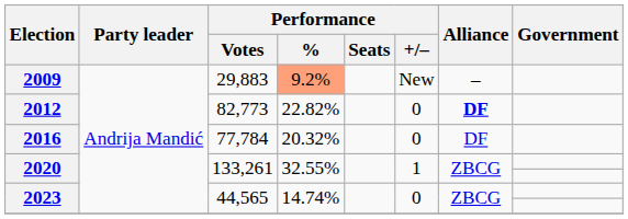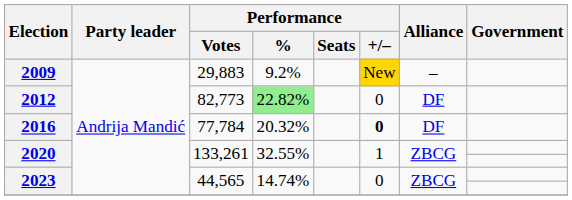 <table class=wikitable style="text-align:center">
 <tr>
 <th rowspan="2"><strong>Election</strong></th>
 <th rowspan="2">Party leader</th>
 <th colspan="4" scope="col">Performance</th>
 <th rowspan="2">Alliance</th>
 <th rowspan="2">Government</th>
 </tr>
 <tr>
 <th>Votes</th>
 <th>%</th>
 <th>Seats</th>
 <th>+/–</th>
 </tr>
 <tr>
 <th><a href='#'>2009</a></th>
 <td rowspan=7><a href='#'>Andrija Mandić</a></td>
 <td>29,883</td>
-<td style="background: lightsalmon;">9.2%</td>
+<td>9.2%</td>
 <td></td>
-<td>New</td>
+<td style="background: gold;">New</td>
 <td>–</td>
 <td></td>
 </tr>
 <tr>
 <th><a href='#'>2012</a></th>
 <td>82,773</td>
-<td>22.82%</td>
+<td style="background: lightgreen;">22.82%</td>
 <td></td>
 <td> 0</td>
-<td><strong><a href='#'>DF</a></strong></td>
+<td><a href='#'>DF</a></td>
 <td></td>
 </tr>
 <tr>
 <th><a href='#'>2016</a></th>
 <td>77,784</td>
 <td>20.32%</td>
 <td></td>
-<td> 0</td>
+<td><strong> 0</strong></td>
 <td><a href='#'>DF</a></td>
 <td></td>
 </tr>
 <tr>
 <th rowspan="2"><a href='#'>2020</a></th>
 <td rowspan="2">133,261</td>
 <td rowspan="2">32.55%</td>
 <td rowspan="2"></td>
 <td rowspan="2"> 1</td>
 <td rowspan="2"><a href='#'>ZBCG</a></td>
 <td> </td>
 </tr>
 <tr>
 <td> </td>
 </tr>
 <tr>
 <th rowspan="2"><a href='#'>2023</a></th>
 <td rowspan="2">44,565</td>
 <td rowspan="2">14.74%</td>
 <td rowspan="2"></td>
 <td rowspan="2"> 0</td>
 <td rowspan="2"><a href='#'>ZBCG</a></td>
 <td> </td>
 </tr>
 <tr>
 <td> </td>
 </tr>
 <tr>
 </tr>
 </table>
